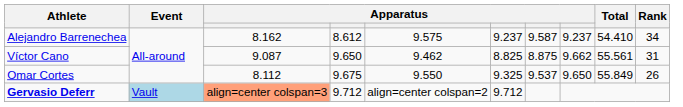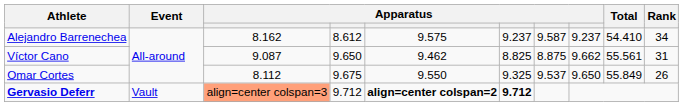 <table class="wikitable" style="font-size:90%">
 <tr>
 <th rowspan=2>Athlete</th>
 <th rowspan=2>Event</th>
 <th colspan =6>Apparatus</th>
 <th rowspan=2>Total</th>
 <th rowspan=2>Rank</th>
 </tr>
 <tr style="font-size:95%">
 <th></th>
 <th></th>
 <th></th>
 <th></th>
 <th></th>
 <th></th>
 </tr>
 <tr>
 <td align=left><a href='#'>Alejandro Barrenechea</a></td>
 <td rowspan=3 align=left><a href='#'>All-around</a>     </td>
 <td align=center>8.162</td>
 <td align=center>8.612</td>
 <td align=center>9.575</td>
 <td align=center>9.237</td>
 <td align=center>9.587</td>
 <td align=center>9.237</td>
 <td align=center>54.410</td>
 <td align=center>34</td>
 </tr>
 <tr>
 <td align=left><a href='#'>Víctor Cano</a></td>
 <td align=center>9.087</td>
 <td align=center>9.650</td>
 <td align=center>9.462</td>
 <td align=center>8.825</td>
 <td align=center>8.875</td>
 <td align=center>9.662</td>
 <td align=center>55.561</td>
 <td align=center>31</td>
 </tr>
 <tr>
 <td align=left><a href='#'>Omar Cortes</a></td>
 <td align=center>8.112</td>
 <td align=center>9.675</td>
 <td align=center>9.550</td>
 <td align=center>9.325</td>
 <td align=center>9.537</td>
 <td align=center>9.650</td>
 <td align=center>55.849</td>
 <td align=center>26</td>
 </tr>
 <tr>
 <td align=left><strong><a href='#'>Gervasio Deferr</a></strong></td>
-<td align=left style="background: lightblue;"><a href='#'>Vault</a></td>
+<td align=left><a href='#'>Vault</a></td>
 <td style="background: lightsalmon;">align=center colspan=3 </td>
 <td align=center>9.712</td>
-<td>align=center colspan=2 </td>
-<td align=center>9.712</td>
+<td><strong>align=center colspan=2 </strong></td>
+<td align=center><strong>9.712</strong></td>
 <td align=center></td>
 </tr>
 </table>
